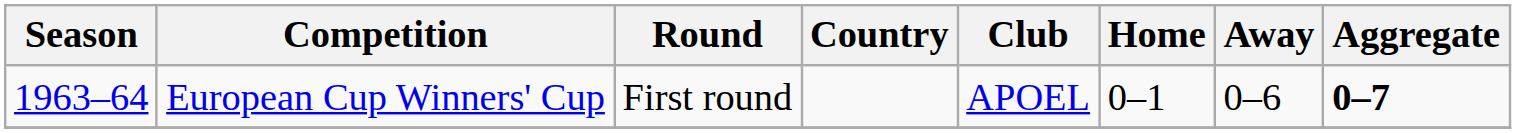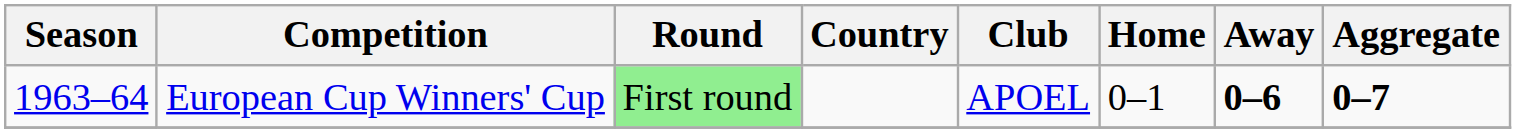 <table class="wikitable">
 <tr>
 <th>Season</th>
 <th>Competition</th>
 <th>Round</th>
 <th>Country</th>
 <th>Club</th>
 <th>Home</th>
 <th>Away</th>
 <th>Aggregate</th>
 </tr>
 <tr>
 <td><a href='#'>1963–64</a></td>
 <td><a href='#'>European Cup Winners' Cup</a></td>
-<td>First round</td>
+<td style="background: lightgreen;">First round</td>
 <td></td>
 <td><a href='#'>APOEL</a></td>
 <td>0–1</td>
-<td>0–6</td>
+<td><strong>0–6</strong></td>
 <td><strong>0–7</strong></td>
 </tr>
 <tr>
 </tr>
 </table>
